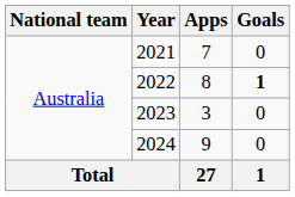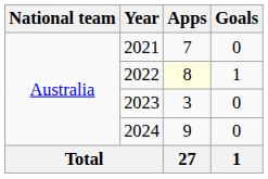 <table class="wikitable" style="text-align:center">
 <tr>
 <th>National team</th>
 <th>Year</th>
 <th>Apps</th>
 <th>Goals</th>
 </tr>
 <tr>
 <td rowspan="4"><a href='#'>Australia</a></td>
 <td>2021</td>
 <td>7</td>
 <td>0</td>
 </tr>
 <tr>
 <td>2022</td>
-<td>8</td>
-<td><strong>1</strong></td>
+<td style="background: lightyellow;">8</td>
+<td>1</td>
 </tr>
 <tr>
 <td>2023</td>
 <td>3</td>
 <td>0</td>
 </tr>
 <tr>
 <td>2024</td>
 <td>9</td>
 <td>0</td>
 </tr>
 <tr>
 <th colspan="2">Total</th>
 <th>27</th>
 <th>1</th>
 </tr>
 </table>
